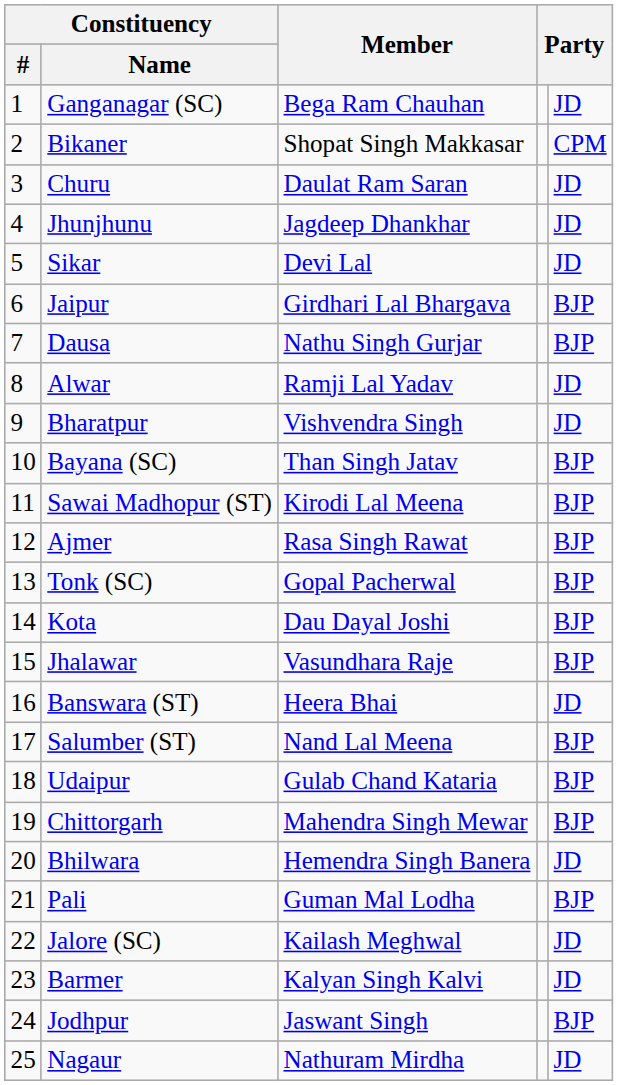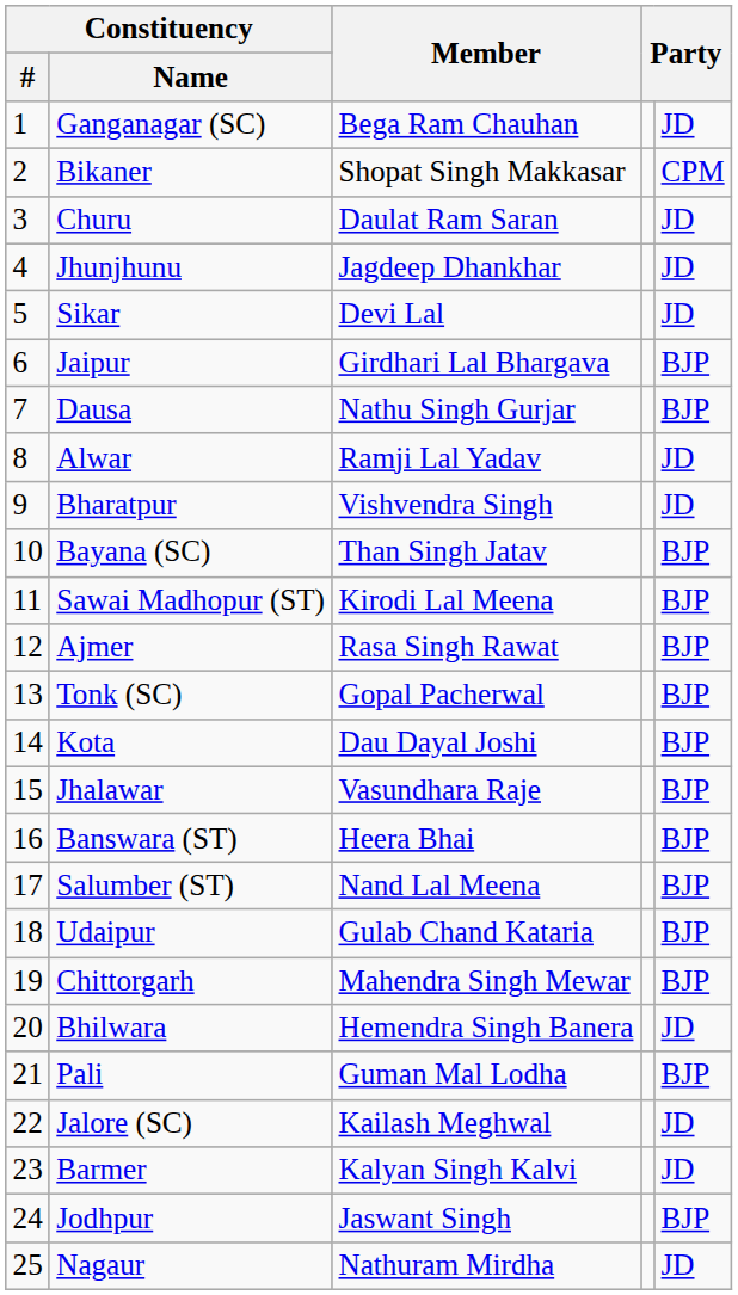 <table class="wikitable sortable">
 <tr>
 <th colspan="2">Constituency</th>
 <th rowspan="2">Member</th>
 <th colspan="2" rowspan="2">Party</th>
 </tr>
 <tr>
 <th>#</th>
 <th>Name</th>
 </tr>
 <tr>
 <td>1</td>
 <td><a href='#'>Ganganagar</a> (SC)</td>
 <td><a href='#'>Bega Ram Chauhan</a></td>
 <td style="background-color: "></td>
 <td><a href='#'>JD</a></td>
 </tr>
 <tr>
 <td>2</td>
 <td><a href='#'>Bikaner</a></td>
 <td>Shopat Singh Makkasar</td>
 <td style="background-color: "></td>
 <td><a href='#'>CPM</a></td>
 </tr>
 <tr>
 <td>3</td>
 <td><a href='#'>Churu</a></td>
 <td><a href='#'>Daulat Ram Saran</a></td>
 <td style="background-color: "></td>
 <td><a href='#'>JD</a></td>
 </tr>
 <tr>
 <td>4</td>
 <td><a href='#'>Jhunjhunu</a></td>
 <td><a href='#'>Jagdeep Dhankhar</a></td>
 <td style="background-color: "></td>
 <td><a href='#'>JD</a></td>
 </tr>
 <tr>
 <td>5</td>
 <td><a href='#'>Sikar</a></td>
 <td><a href='#'>Devi Lal</a></td>
 <td style="background-color: "></td>
 <td><a href='#'>JD</a></td>
 </tr>
 <tr>
 <td>6</td>
 <td><a href='#'>Jaipur</a></td>
 <td><a href='#'>Girdhari Lal Bhargava</a></td>
 <td style="background-color: "></td>
 <td><a href='#'>BJP</a></td>
 </tr>
 <tr>
 <td>7</td>
 <td><a href='#'>Dausa</a></td>
 <td><a href='#'>Nathu Singh Gurjar</a></td>
 <td style="background-color: "></td>
 <td><a href='#'>BJP</a></td>
 </tr>
 <tr>
 <td>8</td>
 <td><a href='#'>Alwar</a></td>
 <td><a href='#'>Ramji Lal Yadav</a></td>
 <td style="background-color: "></td>
 <td><a href='#'>JD</a></td>
 </tr>
 <tr>
 <td>9</td>
 <td><a href='#'>Bharatpur</a></td>
 <td><a href='#'>Vishvendra Singh</a></td>
 <td style="background-color: "></td>
 <td><a href='#'>JD</a></td>
 </tr>
 <tr>
 <td>10</td>
 <td><a href='#'>Bayana</a> (SC)</td>
 <td><a href='#'>Than Singh Jatav</a></td>
 <td style="background-color: "></td>
 <td><a href='#'>BJP</a></td>
 </tr>
 <tr>
 <td>11</td>
 <td><a href='#'>Sawai Madhopur</a> (ST)</td>
 <td><a href='#'>Kirodi Lal Meena</a></td>
 <td style="background-color: "></td>
 <td><a href='#'>BJP</a></td>
 </tr>
 <tr>
 <td>12</td>
 <td><a href='#'>Ajmer</a></td>
 <td><a href='#'>Rasa Singh Rawat</a></td>
 <td style="background-color: "></td>
 <td><a href='#'>BJP</a></td>
 </tr>
 <tr>
 <td>13</td>
 <td><a href='#'>Tonk</a> (SC)</td>
 <td><a href='#'>Gopal Pacherwal</a></td>
 <td style="background-color: "></td>
 <td><a href='#'>BJP</a></td>
 </tr>
 <tr>
 <td>14</td>
 <td><a href='#'>Kota</a></td>
 <td><a href='#'>Dau Dayal Joshi</a></td>
 <td style="background-color: "></td>
 <td><a href='#'>BJP</a></td>
 </tr>
 <tr>
 <td>15</td>
 <td><a href='#'>Jhalawar</a></td>
 <td><a href='#'>Vasundhara Raje</a></td>
 <td style="background-color: "></td>
 <td><a href='#'>BJP</a></td>
 </tr>
 <tr>
 <td>16</td>
 <td><a href='#'>Banswara</a> (ST)</td>
 <td><a href='#'>Heera Bhai</a></td>
 <td style="background-color: "></td>
-<td><a href='#'>JD</a></td>
+<td><a href='#'>BJP</a></td>
 </tr>
 <tr>
 <td>17</td>
 <td><a href='#'>Salumber</a> (ST)</td>
 <td><a href='#'>Nand Lal Meena</a></td>
 <td style="background-color: "></td>
 <td><a href='#'>BJP</a></td>
 </tr>
 <tr>
 <td>18</td>
 <td><a href='#'>Udaipur</a></td>
 <td><a href='#'>Gulab Chand Kataria</a></td>
 <td style="background-color: "></td>
 <td><a href='#'>BJP</a></td>
 </tr>
 <tr>
 <td>19</td>
 <td><a href='#'>Chittorgarh</a></td>
 <td><a href='#'>Mahendra Singh Mewar</a></td>
 <td style="background-color: "></td>
 <td><a href='#'>BJP</a></td>
 </tr>
 <tr>
 <td>20</td>
 <td><a href='#'>Bhilwara</a></td>
 <td><a href='#'>Hemendra Singh Banera</a></td>
 <td style="background-color: "></td>
 <td><a href='#'>JD</a></td>
 </tr>
 <tr>
 <td>21</td>
 <td><a href='#'>Pali</a></td>
 <td><a href='#'>Guman Mal Lodha</a></td>
 <td style="background-color: "></td>
 <td><a href='#'>BJP</a></td>
 </tr>
 <tr>
 <td>22</td>
 <td><a href='#'>Jalore</a> (SC)</td>
 <td><a href='#'>Kailash Meghwal</a></td>
 <td style="background-color: "></td>
 <td><a href='#'>JD</a></td>
 </tr>
 <tr>
 <td>23</td>
 <td><a href='#'>Barmer</a></td>
 <td><a href='#'>Kalyan Singh Kalvi</a></td>
 <td style="background-color: "></td>
 <td><a href='#'>JD</a></td>
 </tr>
 <tr>
 <td>24</td>
 <td><a href='#'>Jodhpur</a></td>
 <td><a href='#'>Jaswant Singh</a></td>
 <td style="background-color: "></td>
 <td><a href='#'>BJP</a></td>
 </tr>
 <tr>
 <td>25</td>
 <td><a href='#'>Nagaur</a></td>
 <td><a href='#'>Nathuram Mirdha</a></td>
 <td style="background-color: "></td>
 <td><a href='#'>JD</a></td>
 </tr>
 </table>
